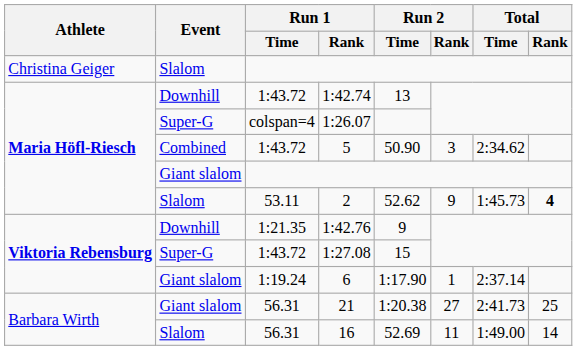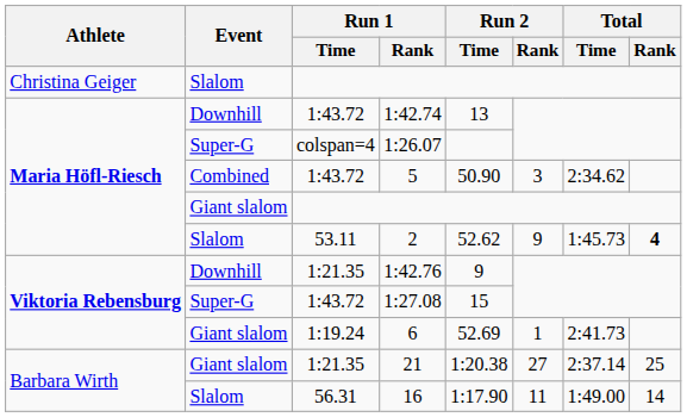 <table class="wikitable" style="font-size:90%">
 <tr>
 <th rowspan=2>Athlete</th>
 <th rowspan=2>Event</th>
 <th colspan=2>Run 1</th>
 <th colspan=2>Run 2</th>
 <th colspan=2>Total</th>
 </tr>
 <tr style="font-size:95%">
 <th>Time</th>
 <th>Rank</th>
 <th>Time</th>
 <th>Rank</th>
 <th>Time</th>
 <th>Rank</th>
 </tr>
 <tr align=center>
 <td align=left><a href='#'>Christina Geiger</a></td>
 <td align=left><a href='#'>Slalom</a></td>
 <td colspan=6></td>
 </tr>
 <tr align=center>
 <td align=left rowspan=5><strong><a href='#'>Maria Höfl-Riesch</a></strong></td>
 <td align=left><a href='#'>Downhill</a></td>
 <td>1:43.72</td>
 <td>1:42.74</td>
 <td>13</td>
 </tr>
 <tr align=center>
 <td align=left><a href='#'>Super-G</a></td>
 <td>colspan=4 </td>
 <td>1:26.07</td>
 <td></td>
 </tr>
 <tr align=center>
 <td align=left><a href='#'>Combined</a></td>
 <td>1:43.72</td>
 <td>5</td>
 <td>50.90</td>
 <td>3</td>
 <td>2:34.62</td>
 <td></td>
 </tr>
 <tr align=center>
 <td align=left><a href='#'>Giant slalom</a></td>
 <td colspan=6></td>
 </tr>
 <tr align=center>
 <td align=left><a href='#'>Slalom</a></td>
 <td>53.11</td>
 <td>2</td>
 <td>52.62</td>
 <td>9</td>
 <td>1:45.73</td>
 <td><strong>4</strong></td>
 </tr>
 <tr align=center>
 <td align=left rowspan=3><strong><a href='#'>Viktoria Rebensburg</a></strong></td>
 <td align=left><a href='#'>Downhill</a></td>
 <td>1:21.35</td>
 <td>1:42.76</td>
 <td>9</td>
 </tr>
 <tr align=center>
 <td align=left><a href='#'>Super-G</a></td>
 <td>1:43.72</td>
 <td>1:27.08</td>
 <td>15</td>
 </tr>
 <tr align=center>
 <td align=left><a href='#'>Giant slalom</a></td>
 <td>1:19.24</td>
 <td>6</td>
-<td>1:17.90</td>
+<td>52.69</td>
 <td>1</td>
-<td>2:37.14</td>
+<td>2:41.73</td>
 <td></td>
 </tr>
 <tr align=center>
 <td align=left rowspan=2><a href='#'>Barbara Wirth</a></td>
 <td align=left><a href='#'>Giant slalom</a></td>
-<td>56.31</td>
+<td>1:21.35</td>
 <td>21</td>
 <td>1:20.38</td>
 <td>27</td>
-<td>2:41.73</td>
+<td>2:37.14</td>
 <td>25</td>
 </tr>
 <tr align=center>
 <td align=left><a href='#'>Slalom</a></td>
 <td>56.31</td>
 <td>16</td>
-<td>52.69</td>
+<td>1:17.90</td>
 <td>11</td>
 <td>1:49.00</td>
 <td>14</td>
 </tr>
 </table>
